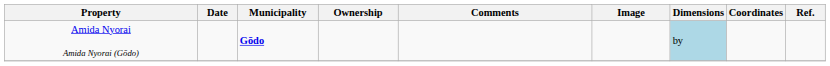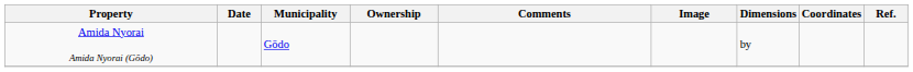 <table class="wikitable sortable"  style="width:100%;">
 <tr>
 <th width="25%" align="left">Property</th>
 <th width="5%" align="left" data-sort-type="number">Date</th>
 <th width="10%" align="left">Municipality</th>
 <th width="10%" align="left">Ownership</th>
 <th width="25%" align="left" class="unsortable">Comments</th>
 <th width="10%" align="left" class="unsortable">Image</th>
 <th width="5%" align="left" class="unsortable">Dimensions</th>
 <th width="5%" align="left" class="unsortable">Coordinates</th>
 <th width="5%" align="left" class="unsortable">Ref.</th>
 </tr>
 <tr>
 <td align="center"><a href='#'>Amida Nyorai</a><br><br><small><em>Amida Nyorai (Gōdo)</em></small></td>
 <td></td>
-<td><strong><a href='#'>Gōdo</a></strong></td>
+<td><a href='#'>Gōdo</a></td>
 <td></td>
 <td></td>
 <td></td>
-<td style="background: lightblue;"> by </td>
+<td> by </td>
 <td></td>
 <td></td>
 </tr>
 <tr>
 </tr>
 </table>
